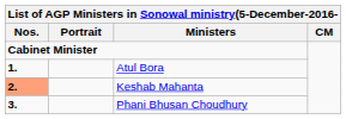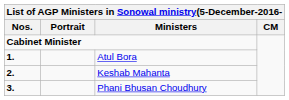 <table class="wikitable">
 <tr>
 <th colspan="4">List of AGP Ministers in <a href='#'>Sonowal ministry</a>(5-December-2016-</th>
 </tr>
 <tr>
 <th>Nos.</th>
 <th><strong>Portrait</strong></th>
 <th>Ministers</th>
 <th>CM</th>
 </tr>
 <tr>
 <td colspan="3"><strong>Cabinet Minister</strong></td>
 <td rowspan="4"></td>
 </tr>
 <tr>
 <td><strong>1.</strong></td>
 <td></td>
 <td><a href='#'>Atul Bora</a></td>
 </tr>
 <tr>
-<td style="background: lightsalmon;"><strong>2.</strong></td>
+<td><strong>2.</strong></td>
 <td></td>
 <td><a href='#'>Keshab Mahanta</a></td>
 </tr>
 <tr>
 <td><strong>3.</strong></td>
 <td></td>
 <td><a href='#'>Phani Bhusan Choudhury</a></td>
 </tr>
 </table>
